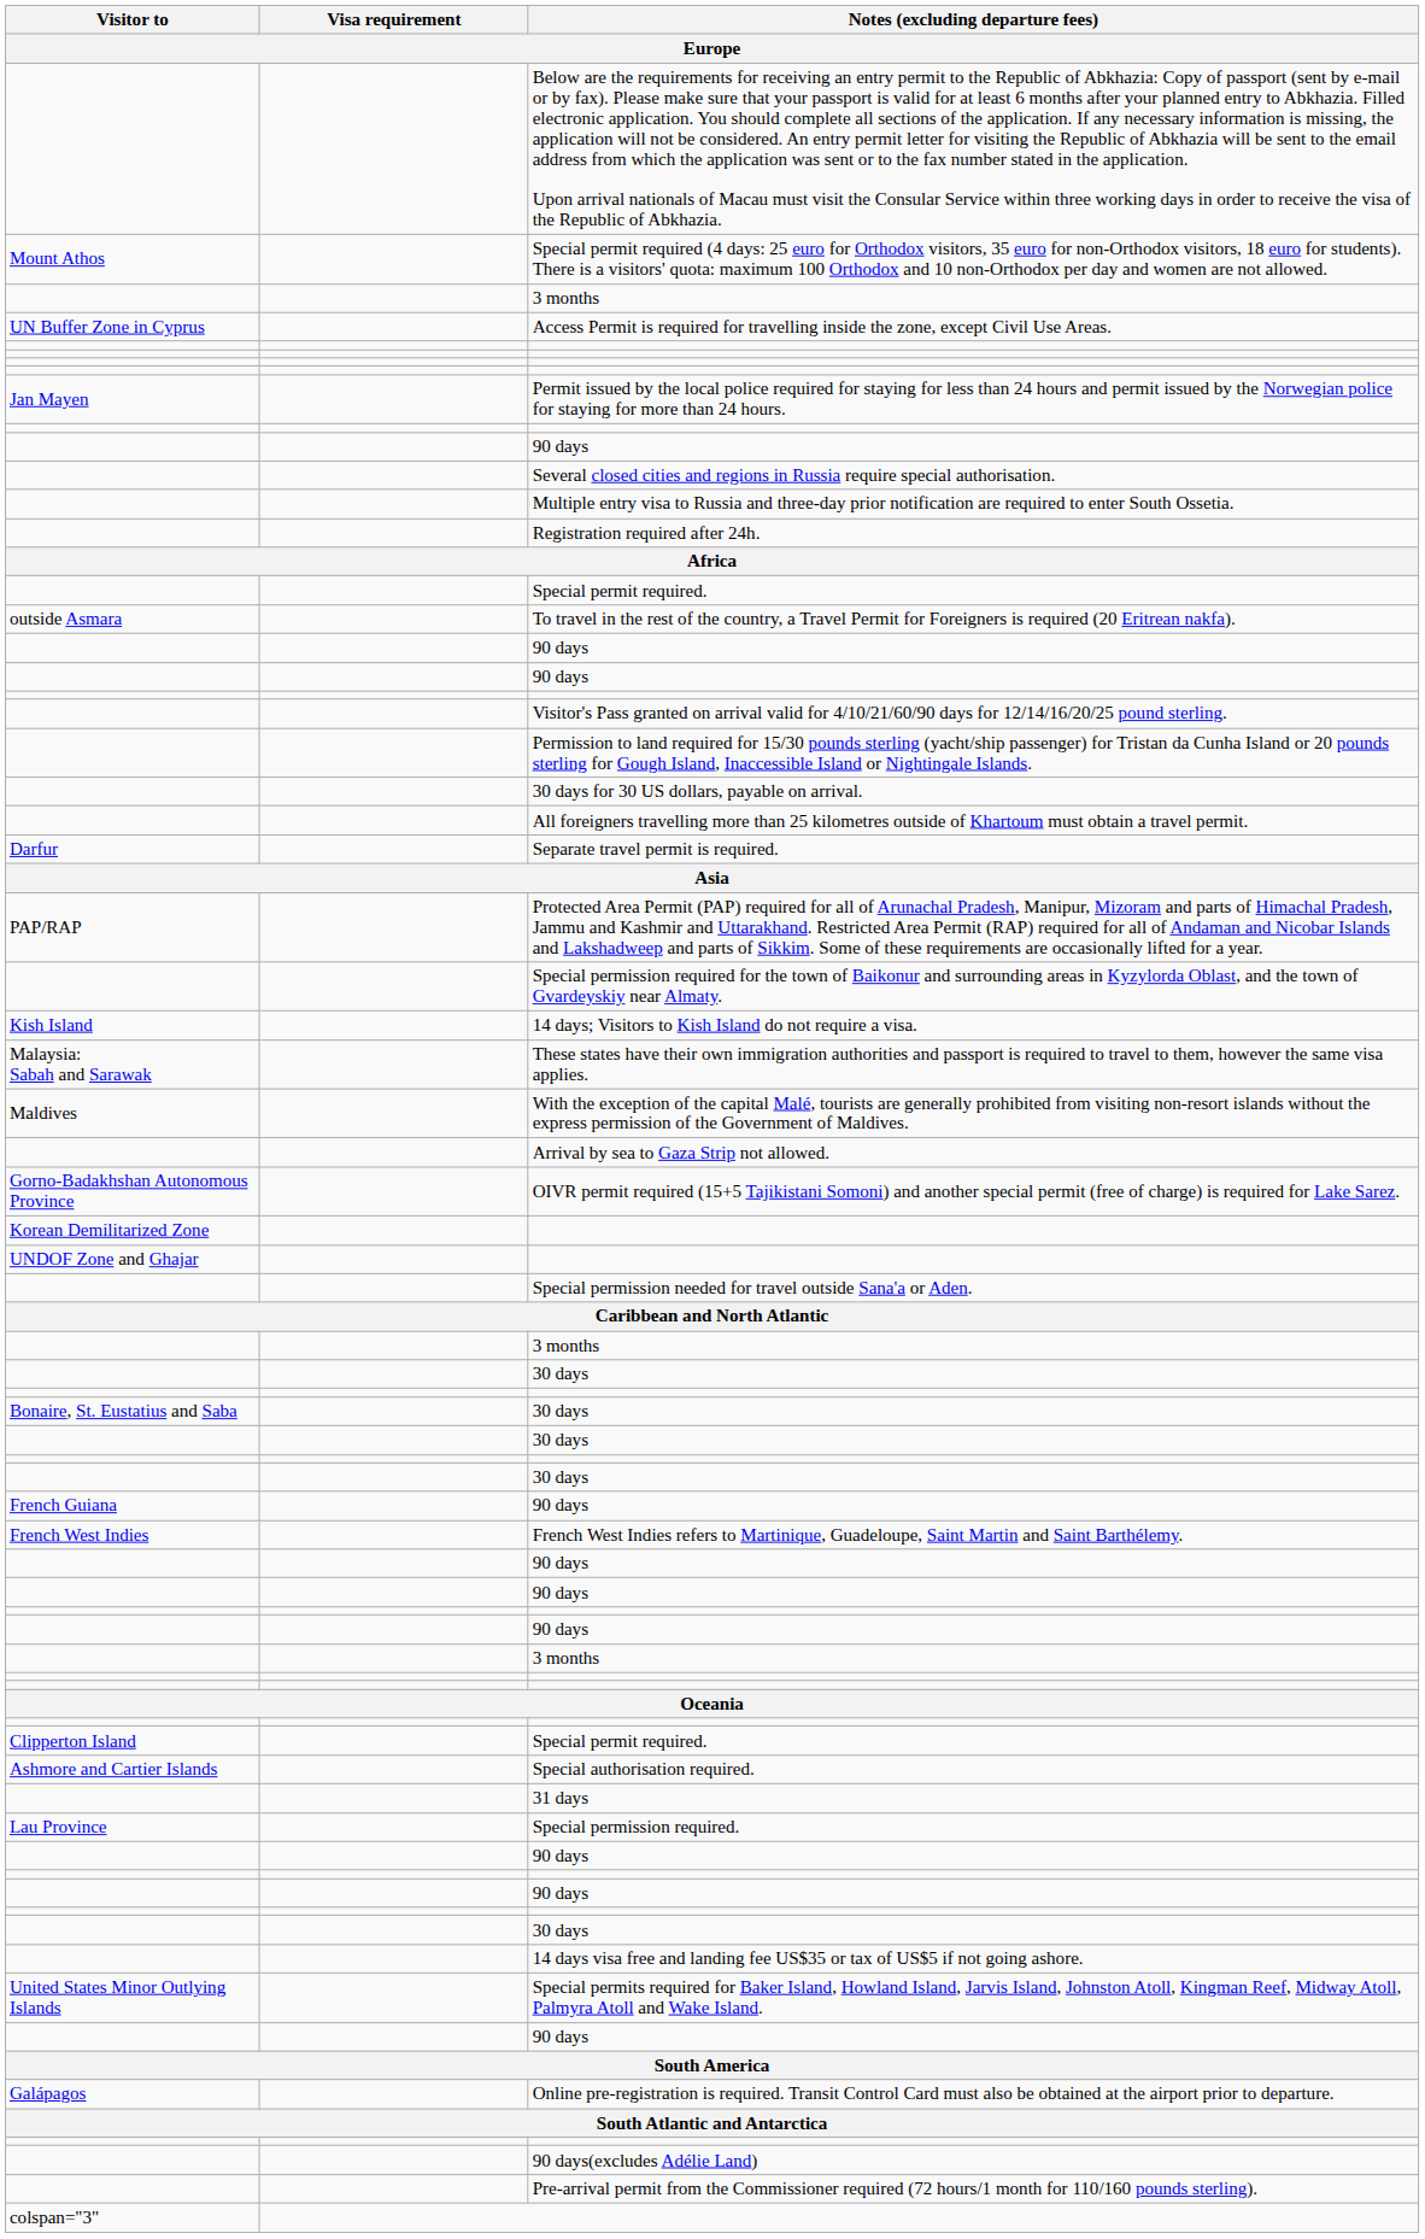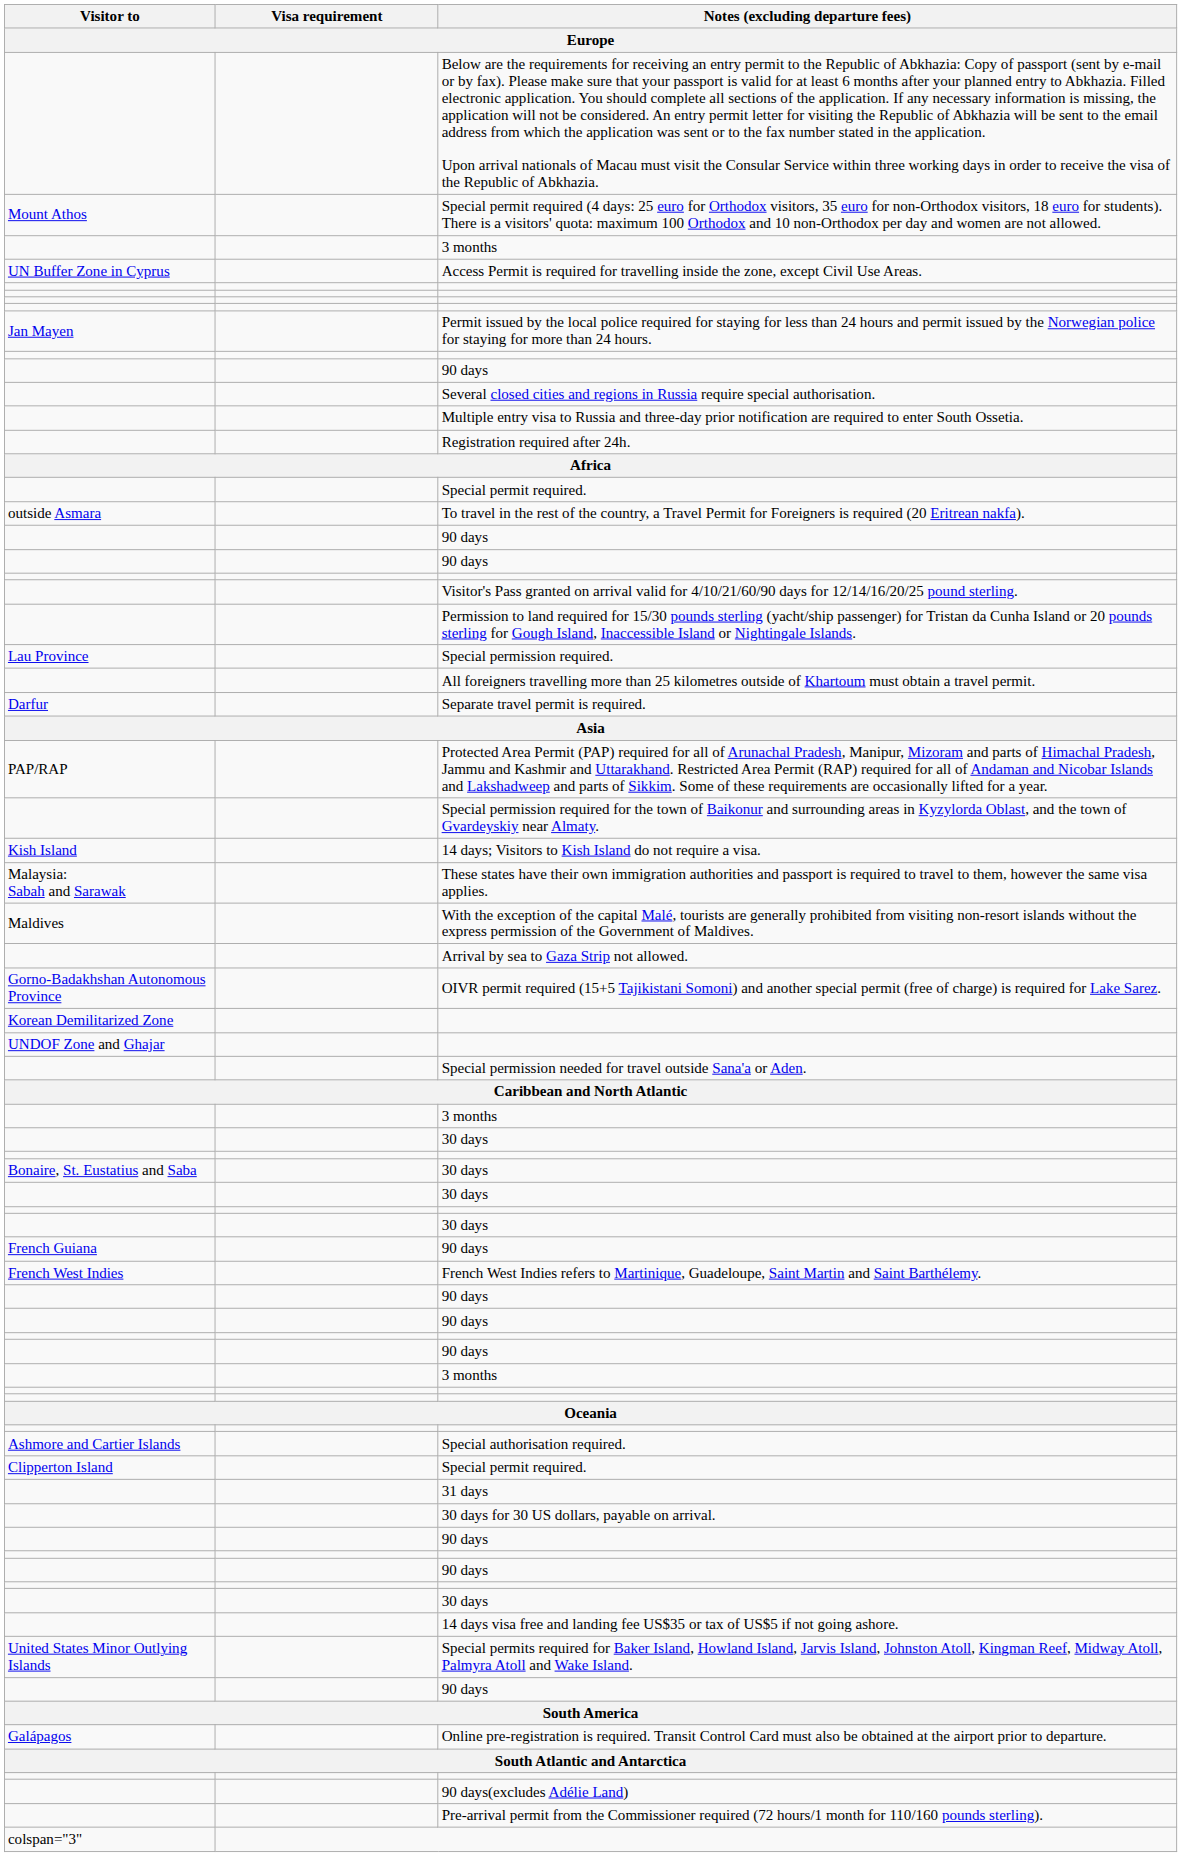 <table class="wikitable" style="text-align: left; table-layout: fixed; ">
 <tr>
 <th style="width:18%;">Visitor to</th>
 <th style="width:19%;">Visa requirement</th>
 <th>Notes (excluding departure fees)</th>
 </tr>
 <tr>
 <th colspan="3">Europe</th>
 </tr>
 <tr>
 <td></td>
 <td></td>
 <td>Below are the requirements for receiving an entry permit to the Republic of Abkhazia: Copy of passport (sent by e-mail or by fax). Please make sure that your passport is valid for at least 6 months after your planned entry to Abkhazia. Filled electronic application. You should complete all sections of the application. If any necessary information is missing, the application will not be considered. An entry permit letter for visiting the Republic of Abkhazia will be sent to the email address from which the application was sent or to the fax number stated in the application.<br><br>Upon arrival nationals of Macau must visit the Consular Service within three working days in order to receive the visa of the Republic of Abkhazia.</td>
 </tr>
 <tr>
 <td> <a href='#'>Mount Athos</a></td>
 <td></td>
 <td>Special permit required (4 days: 25 <a href='#'>euro</a> for <a href='#'>Orthodox</a> visitors, 35 <a href='#'>euro</a> for non-Orthodox visitors, 18 <a href='#'>euro</a> for students). There is a visitors' quota: maximum 100 <a href='#'>Orthodox</a> and 10 non-Orthodox per day and women are not allowed.</td>
 </tr>
 <tr>
 <td></td>
 <td></td>
 <td>3 months</td>
 </tr>
 <tr>
 <td> <a href='#'>UN Buffer Zone in Cyprus</a></td>
 <td></td>
 <td>Access Permit is required for travelling inside the zone, except Civil Use Areas.</td>
 </tr>
 <tr>
 <td></td>
 <td></td>
 <td></td>
 </tr>
 <tr>
 <td></td>
 <td></td>
 <td></td>
 </tr>
 <tr>
 <td></td>
 <td></td>
 <td></td>
 </tr>
 <tr>
 <td></td>
 <td></td>
 <td></td>
 </tr>
 <tr>
 <td> <a href='#'>Jan Mayen</a></td>
 <td></td>
 <td>Permit issued by the local police required for staying for less than 24 hours and permit issued by the <a href='#'>Norwegian police</a> for staying for more than 24 hours.</td>
 </tr>
 <tr>
 <td></td>
 <td></td>
 <td></td>
 </tr>
 <tr>
 <td></td>
 <td></td>
 <td>90 days</td>
 </tr>
 <tr>
 <td></td>
 <td></td>
 <td>Several <a href='#'>closed cities and regions in Russia</a> require special authorisation.</td>
 </tr>
 <tr>
 <td></td>
 <td></td>
 <td>Multiple entry visa to Russia and three-day prior notification are required to enter South Ossetia.</td>
 </tr>
 <tr>
 <td></td>
 <td></td>
 <td>Registration required after 24h.</td>
 </tr>
 <tr>
 <th colspan="3">Africa</th>
 </tr>
 <tr>
 <td></td>
 <td></td>
 <td>Special permit required.</td>
 </tr>
 <tr>
 <td> outside <a href='#'>Asmara</a></td>
 <td></td>
 <td>To travel in the rest of the country, a Travel Permit for Foreigners is required (20 <a href='#'>Eritrean nakfa</a>).</td>
 </tr>
 <tr>
 <td></td>
 <td></td>
 <td>90 days</td>
 </tr>
 <tr>
 <td></td>
 <td></td>
 <td>90 days</td>
 </tr>
 <tr>
 <td></td>
 <td></td>
 <td></td>
 </tr>
 <tr>
 <td></td>
 <td></td>
 <td>Visitor's Pass granted on arrival valid for 4/10/21/60/90 days for 12/14/16/20/25 <a href='#'>pound sterling</a>.</td>
 </tr>
 <tr>
 <td></td>
 <td></td>
 <td>Permission to land required for 15/30 <a href='#'>pounds sterling</a> (yacht/ship passenger) for Tristan da Cunha Island or 20 <a href='#'>pounds sterling</a> for <a href='#'>Gough Island</a>, <a href='#'>Inaccessible Island</a> or <a href='#'>Nightingale Islands</a>.</td>
 </tr>
 <tr>
+<td> <a href='#'>Lau Province</a></td>
 <td></td>
-<td></td>
-<td>30 days for 30 US dollars, payable on arrival.</td>
+<td>Special permission required.</td>
 </tr>
 <tr>
 <td></td>
 <td></td>
 <td>All foreigners travelling more than 25 kilometres outside of <a href='#'>Khartoum</a> must obtain a travel permit.</td>
 </tr>
 <tr>
 <td> <a href='#'>Darfur</a></td>
 <td></td>
 <td>Separate travel permit is required.</td>
 </tr>
 <tr>
 <th colspan="3">Asia</th>
 </tr>
 <tr>
 <td> PAP/RAP</td>
 <td></td>
 <td>Protected Area Permit (PAP) required for all of <a href='#'>Arunachal Pradesh</a>, Manipur, <a href='#'>Mizoram</a> and parts of <a href='#'>Himachal Pradesh</a>, Jammu and Kashmir and <a href='#'>Uttarakhand</a>. Restricted Area Permit (RAP) required for all of <a href='#'>Andaman and Nicobar Islands</a> and <a href='#'>Lakshadweep</a> and parts of <a href='#'>Sikkim</a>. Some of these requirements are occasionally lifted for a year.</td>
 </tr>
 <tr>
 <td></td>
 <td></td>
 <td>Special permission required for the town of <a href='#'>Baikonur</a> and surrounding areas in <a href='#'>Kyzylorda Oblast</a>, and the town of <a href='#'>Gvardeyskiy</a> near <a href='#'>Almaty</a>.</td>
 </tr>
 <tr>
 <td> <a href='#'>Kish Island</a></td>
 <td></td>
 <td>14 days; Visitors to <a href='#'>Kish Island</a> do not require a visa.</td>
 </tr>
 <tr>
 <td> Malaysia:<br> <a href='#'>Sabah</a> and  <a href='#'>Sarawak</a></td>
 <td></td>
 <td>These states have their own immigration authorities and passport is required to travel to them, however the same visa applies.</td>
 </tr>
 <tr>
 <td> Maldives</td>
 <td></td>
 <td>With the exception of the capital <a href='#'>Malé</a>, tourists are generally prohibited from visiting non-resort islands without the express permission of the Government of Maldives.</td>
 </tr>
 <tr>
 <td></td>
 <td></td>
 <td>Arrival by sea to <a href='#'>Gaza Strip</a> not allowed.</td>
 </tr>
 <tr>
 <td> <a href='#'>Gorno-Badakhshan Autonomous Province</a></td>
 <td></td>
 <td>OIVR permit required (15+5 <a href='#'>Tajikistani Somoni</a>) and another special permit (free of charge) is required for <a href='#'>Lake Sarez</a>.</td>
 </tr>
 <tr>
 <td> <a href='#'>Korean Demilitarized Zone</a></td>
 <td></td>
 <td></td>
 </tr>
 <tr>
 <td> <a href='#'>UNDOF Zone</a> and <a href='#'>Ghajar</a></td>
 <td></td>
 <td></td>
 </tr>
 <tr>
 <td></td>
 <td></td>
 <td>Special permission needed for travel outside <a href='#'>Sana'a</a> or <a href='#'>Aden</a>.</td>
 </tr>
 <tr>
 <th colspan="3">Caribbean and North Atlantic</th>
 </tr>
 <tr>
 <td></td>
 <td></td>
 <td>3 months</td>
 </tr>
 <tr>
 <td></td>
 <td></td>
 <td>30 days</td>
 </tr>
 <tr>
 <td></td>
 <td></td>
 <td></td>
 </tr>
 <tr>
 <td> <a href='#'>Bonaire</a>, <a href='#'>St. Eustatius</a> and <a href='#'>Saba</a></td>
 <td></td>
 <td>30 days</td>
 </tr>
 <tr>
 <td></td>
 <td></td>
 <td>30 days</td>
 </tr>
 <tr>
 <td></td>
 <td></td>
 <td></td>
 </tr>
 <tr>
 <td></td>
 <td></td>
 <td>30 days</td>
 </tr>
 <tr>
 <td> <a href='#'>French Guiana</a></td>
 <td></td>
 <td>90 days</td>
 </tr>
 <tr>
 <td> <a href='#'>French West Indies</a></td>
 <td></td>
 <td>French West Indies refers to <a href='#'>Martinique</a>, Guadeloupe, <a href='#'>Saint Martin</a> and <a href='#'>Saint Barthélemy</a>.</td>
 </tr>
 <tr>
 <td></td>
 <td></td>
 <td>90 days</td>
 </tr>
 <tr>
 <td></td>
 <td></td>
 <td>90 days</td>
 </tr>
 <tr>
 <td></td>
 <td></td>
 <td></td>
 </tr>
 <tr>
 <td></td>
 <td></td>
 <td>90 days</td>
 </tr>
 <tr>
 <td></td>
 <td></td>
 <td>3 months</td>
 </tr>
 <tr>
 <td></td>
 <td></td>
 <td></td>
 </tr>
 <tr>
 <td></td>
 <td></td>
 <td></td>
 </tr>
 <tr>
 <th colspan="3">Oceania</th>
 </tr>
 <tr>
 <td></td>
 <td></td>
 <td></td>
 </tr>
 <tr>
+<td> <a href='#'>Ashmore and Cartier Islands</a></td>
+<td></td>
+<td>Special authorisation required.</td>
+</tr>
+<tr>
 <td> <a href='#'>Clipperton Island</a></td>
 <td></td>
 <td>Special permit required.</td>
-</tr>
-<tr>
-<td> <a href='#'>Ashmore and Cartier Islands</a></td>
-<td></td>
-<td>Special authorisation required.</td>
 </tr>
 <tr>
 <td></td>
 <td></td>
 <td>31 days</td>
 </tr>
 <tr>
-<td> <a href='#'>Lau Province</a></td>
 <td></td>
-<td>Special permission required.</td>
+<td></td>
+<td>30 days for 30 US dollars, payable on arrival.</td>
 </tr>
 <tr>
 <td></td>
 <td></td>
 <td>90 days</td>
 </tr>
 <tr>
 <td></td>
 <td></td>
 <td></td>
 </tr>
 <tr>
 <td></td>
 <td></td>
 <td>90 days</td>
 </tr>
 <tr>
 <td></td>
 <td></td>
 <td></td>
 </tr>
 <tr>
 <td></td>
 <td></td>
 <td>30 days</td>
 </tr>
 <tr>
 <td></td>
 <td></td>
 <td>14 days visa free and landing fee US$35 or tax of US$5 if not going ashore.</td>
 </tr>
 <tr>
 <td> <a href='#'>United States Minor Outlying Islands</a></td>
 <td></td>
 <td>Special permits required for <a href='#'>Baker Island</a>, <a href='#'>Howland Island</a>, <a href='#'>Jarvis Island</a>, <a href='#'>Johnston Atoll</a>, <a href='#'>Kingman Reef</a>, <a href='#'>Midway Atoll</a>, <a href='#'>Palmyra Atoll</a> and <a href='#'>Wake Island</a>.</td>
 </tr>
 <tr>
 <td></td>
 <td></td>
 <td>90 days</td>
 </tr>
 <tr>
 <th colspan="3">South America</th>
 </tr>
 <tr>
 <td> <a href='#'>Galápagos</a></td>
 <td></td>
 <td>Online pre-registration is required. Transit Control Card must also be obtained at the airport prior to departure.</td>
 </tr>
 <tr>
 <th colspan="3">South Atlantic and Antarctica</th>
 </tr>
 <tr>
 <td></td>
 <td></td>
 <td></td>
 </tr>
 <tr>
 <td></td>
 <td></td>
 <td>90 days(excludes <a href='#'>Adélie Land</a>)</td>
 </tr>
 <tr>
 <td></td>
 <td></td>
 <td>Pre-arrival permit from the Commissioner required (72 hours/1 month for 110/160 <a href='#'>pounds sterling</a>).</td>
 </tr>
 <tr>
 <td>colspan="3" </td>
 </tr>
 </table>
